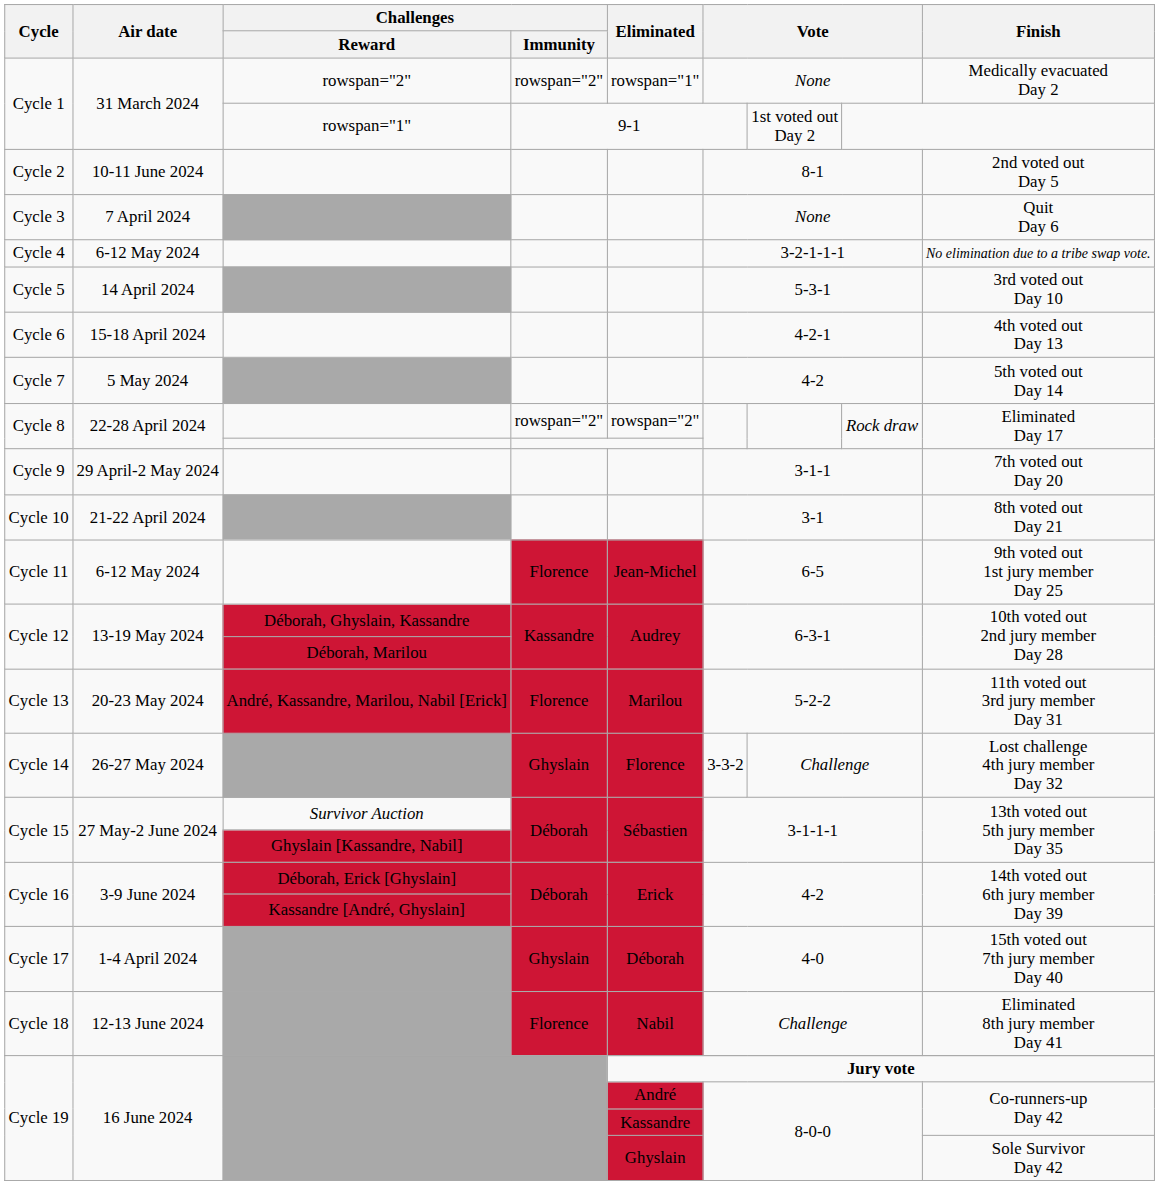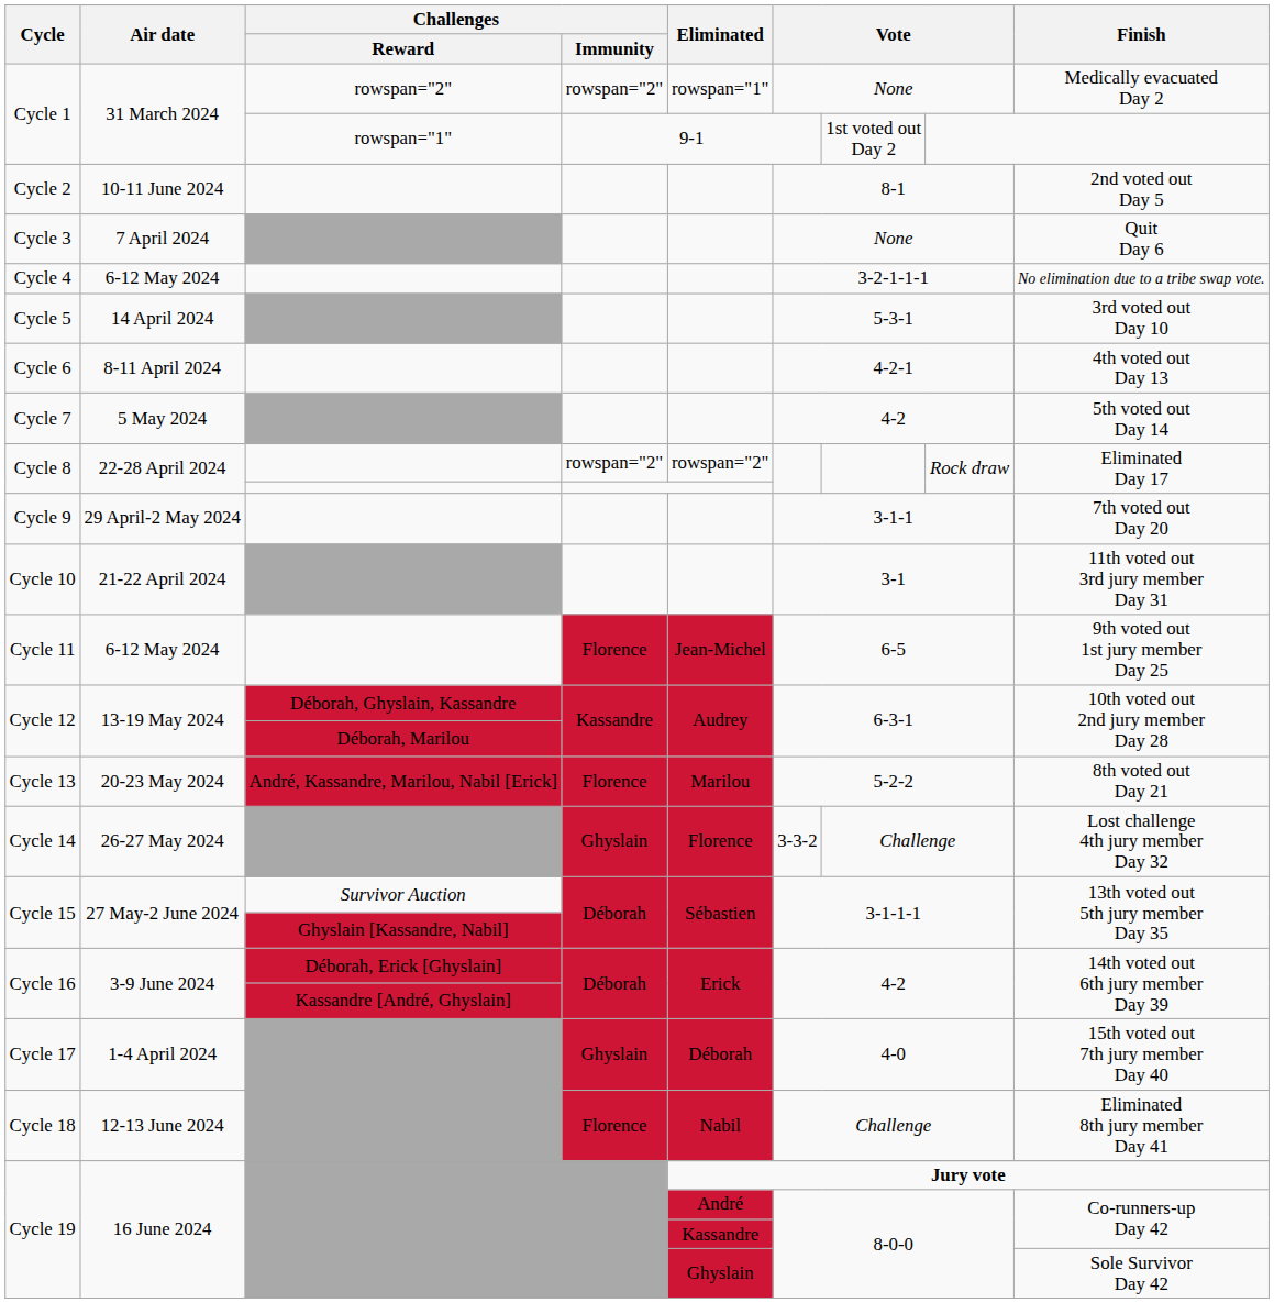 <table class="wikitable" style="margin:auto; text-align:center">
 <tr>
 <th rowspan="2">Cycle</th>
 <th rowspan="2">Air date</th>
 <th colspan="2">Challenges</th>
 <th rowspan="2">Eliminated</th>
 <th rowspan="2" colspan="3">Vote</th>
 <th rowspan="2">Finish</th>
 </tr>
 <tr>
 <th>Reward</th>
 <th>Immunity</th>
 </tr>
 <tr>
 <td rowspan="2">Cycle 1</td>
 <td rowspan="2">31 March 2024</td>
 <td>rowspan="2" </td>
 <td>rowspan="2" </td>
 <td>rowspan="1" </td>
 <td rowspan="1" colspan="3"><em>None</em></td>
 <td rowspan="1">Medically evacuated<br>Day 2</td>
 </tr>
 <tr>
 <td>rowspan="1" </td>
 <td rowspan="1" colspan="3">9-1</td>
 <td rowspan="1">1st voted out<br>Day 2</td>
 </tr>
 <tr>
 <td>Cycle 2</td>
 <td>10-11 June 2024</td>
 <td></td>
 <td></td>
 <td></td>
 <td colspan="3">8-1</td>
 <td>2nd voted out<br>Day 5</td>
 </tr>
 <tr>
 <td>Cycle 3</td>
 <td>7 April 2024</td>
 <td bgcolor="darkgrey"></td>
 <td></td>
 <td></td>
 <td colspan="3"><em>None</em></td>
 <td>Quit<br>Day 6</td>
 </tr>
 <tr>
 <td>Cycle 4</td>
 <td>6-12 May 2024</td>
 <td></td>
 <td></td>
 <td></td>
 <td colspan="3">3-2-1-1-1</td>
 <td><em><small>No elimination due to a tribe swap vote.</small></em></td>
 </tr>
 <tr>
 <td>Cycle 5</td>
 <td>14 April 2024</td>
 <td bgcolor="darkgrey"></td>
 <td></td>
 <td></td>
 <td colspan="3">5-3-1</td>
 <td>3rd voted out<br>Day 10</td>
 </tr>
 <tr>
 <td>Cycle 6</td>
-<td>15-18 April 2024</td>
+<td>8-11 April 2024</td>
 <td></td>
 <td></td>
 <td></td>
 <td colspan="3">4-2-1</td>
 <td>4th voted out<br>Day 13</td>
 </tr>
 <tr>
 <td>Cycle 7</td>
 <td>5 May 2024</td>
 <td bgcolor="darkgrey"></td>
 <td></td>
 <td></td>
 <td colspan="3">4-2</td>
 <td>5th voted out<br>Day 14</td>
 </tr>
 <tr>
 <td rowspan="2">Cycle 8</td>
 <td rowspan="2">22-28 April 2024</td>
 <td></td>
 <td>rowspan="2" </td>
 <td>rowspan="2" </td>
 <td rowspan="2"></td>
 <td rowspan="2"></td>
 <td rowspan="2"><em>Rock draw</em></td>
 <td rowspan="2">Eliminated<br>Day 17</td>
 </tr>
 <tr>
 <td></td>
 </tr>
 <tr>
 <td>Cycle 9</td>
 <td>29 April-2 May 2024</td>
 <td></td>
 <td></td>
 <td></td>
 <td colspan="3">3-1-1</td>
 <td>7th voted out<br>Day 20</td>
 </tr>
 <tr>
 <td>Cycle 10</td>
 <td>21-22 April 2024</td>
 <td bgcolor="darkgrey"></td>
 <td></td>
 <td></td>
 <td colspan="3">3-1</td>
-<td>8th voted out<br>Day 21</td>
+<td>11th voted out<br>3rd jury member<br>Day 31</td>
 </tr>
 <tr>
 <td>Cycle 11</td>
 <td>6-12 May 2024</td>
 <td></td>
 <td bgcolor="#ce1535">Florence</td>
 <td bgcolor="#ce1535">Jean-Michel</td>
 <td colspan="3">6-5</td>
 <td>9th voted out<br>1st jury member<br>Day 25</td>
 </tr>
 <tr>
 <td rowspan="2">Cycle 12</td>
 <td rowspan="2">13-19 May 2024</td>
 <td bgcolor="#ce1535">Déborah, Ghyslain, Kassandre</td>
 <td rowspan="2" bgcolor="#ce1535">Kassandre</td>
 <td rowspan="2" bgcolor="#ce1535">Audrey</td>
 <td rowspan="2" colspan="3">6-3-1</td>
 <td rowspan="2">10th voted out<br>2nd jury member<br>Day 28</td>
 </tr>
 <tr>
 <td bgcolor="#ce1535">Déborah, Marilou</td>
 </tr>
 <tr>
 <td>Cycle 13</td>
 <td>20-23 May 2024</td>
 <td bgcolor="#ce1535">André, Kassandre, Marilou, Nabil [Erick]</td>
 <td bgcolor="#ce1535">Florence</td>
 <td bgcolor="#ce1535">Marilou</td>
 <td colspan="3">5-2-2</td>
-<td>11th voted out<br>3rd jury member<br>Day 31</td>
+<td>8th voted out<br>Day 21</td>
 </tr>
 <tr>
 <td>Cycle 14</td>
 <td>26-27 May 2024</td>
 <td bgcolor="darkgrey"></td>
 <td bgcolor="#ce1535">Ghyslain</td>
 <td bgcolor="#ce1535">Florence</td>
 <td>3-3-2</td>
 <td colspan="2"><em>Challenge</em></td>
 <td>Lost challenge<br>4th jury member<br>Day 32</td>
 </tr>
 <tr>
 <td rowspan="2">Cycle 15</td>
 <td rowspan="2">27 May-2 June 2024</td>
 <td><em>Survivor Auction</em></td>
 <td rowspan="2" bgcolor="#ce1535">Déborah</td>
 <td rowspan="2" bgcolor="#ce1535">Sébastien</td>
 <td rowspan="2" colspan="3">3-1-1-1</td>
 <td rowspan="2">13th voted out<br>5th jury member<br>Day 35</td>
 </tr>
 <tr>
 <td bgcolor="#ce1535">Ghyslain [Kassandre, Nabil]</td>
 </tr>
 <tr>
 <td rowspan="2">Cycle 16</td>
 <td rowspan="2">3-9 June 2024</td>
 <td bgcolor="#ce1535">Déborah, Erick [Ghyslain]</td>
 <td rowspan="2" bgcolor="#ce1535">Déborah</td>
 <td rowspan="2" bgcolor="#ce1535">Erick</td>
 <td rowspan="2" colspan="3">4-2</td>
 <td rowspan="2">14th voted out<br>6th jury member<br>Day 39</td>
 </tr>
 <tr>
 <td bgcolor="#ce1535">Kassandre [André, Ghyslain]</td>
 </tr>
 <tr>
 <td>Cycle 17</td>
 <td>1-4 April 2024</td>
 <td bgcolor="darkgrey"></td>
 <td bgcolor="#ce1535">Ghyslain</td>
 <td bgcolor="#ce1535">Déborah</td>
 <td colspan="3">4-0</td>
 <td>15th voted out<br>7th jury member<br>Day 40</td>
 </tr>
 <tr>
 <td>Cycle 18</td>
 <td>12-13 June 2024</td>
 <td bgcolor="darkgrey"></td>
 <td bgcolor="#ce1535">Florence</td>
 <td bgcolor="#ce1535">Nabil</td>
 <td colspan="3"><em>Challenge</em></td>
 <td>Eliminated<br>8th jury member<br>Day 41</td>
 </tr>
 <tr>
 <td rowspan="5">Cycle 19</td>
 <td rowspan="5">16 June 2024</td>
 </tr>
 <tr>
 <td rowspan="5" colspan="2" bgcolor="darkgrey"></td>
 <td colspan="5"><strong>Jury vote</strong></td>
 </tr>
 <tr>
 <td bgcolor="#ce1535">André</td>
 <td rowspan="3" colspan="3">8-0-0</td>
 <td rowspan="2" colspan="3">Co-runners-up<br>Day 42</td>
 </tr>
 <tr>
 <td bgcolor="#ce1535">Kassandre</td>
 </tr>
 <tr>
 <td bgcolor="#ce1535">Ghyslain</td>
 <td>Sole Survivor<br>Day 42</td>
 </tr>
 <tr>
 </tr>
 </table>
